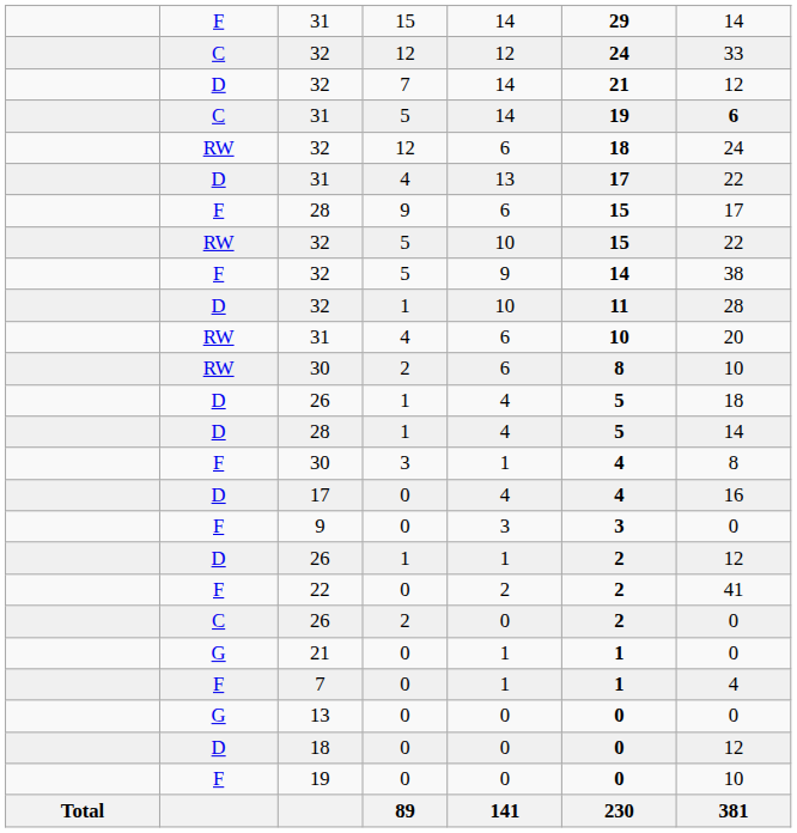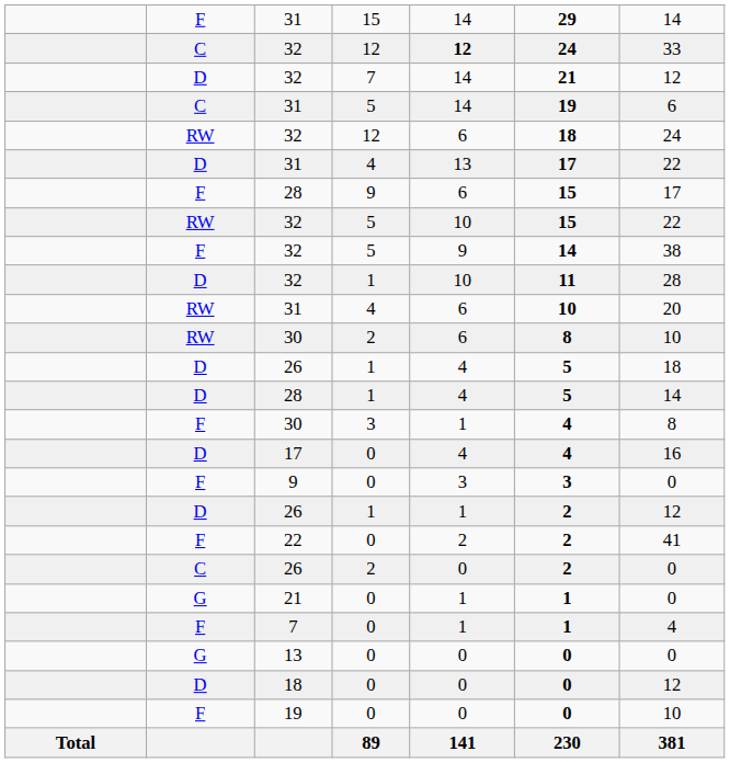 <table class="wikitable sortable" width=50%>
 <tr align="center">
 </tr>
 <tr align="center" bgcolor="">
 <td></td>
 <td><a href='#'>F</a></td>
 <td>31</td>
 <td>15</td>
 <td>14</td>
 <td><strong>29</strong></td>
 <td>14</td>
 </tr>
 <tr align="center" bgcolor="f0f0f0">
 <td></td>
 <td><a href='#'>C</a></td>
 <td>32</td>
 <td>12</td>
-<td>12</td>
+<td><strong>12</strong></td>
 <td><strong>24</strong></td>
 <td>33</td>
 </tr>
 <tr align="center" bgcolor="">
 <td></td>
 <td><a href='#'>D</a></td>
 <td>32</td>
 <td>7</td>
 <td>14</td>
 <td><strong>21</strong></td>
 <td>12</td>
 </tr>
 <tr align="center" bgcolor="f0f0f0">
 <td></td>
 <td><a href='#'>C</a></td>
 <td>31</td>
 <td>5</td>
 <td>14</td>
 <td><strong>19</strong></td>
-<td><strong>6</strong></td>
+<td>6</td>
 </tr>
 <tr align="center" bgcolor="">
 <td></td>
 <td><a href='#'>RW</a></td>
 <td>32</td>
 <td>12</td>
 <td>6</td>
 <td><strong>18</strong></td>
 <td>24</td>
 </tr>
 <tr align="center" bgcolor="f0f0f0">
 <td></td>
 <td><a href='#'>D</a></td>
 <td>31</td>
 <td>4</td>
 <td>13</td>
 <td><strong>17</strong></td>
 <td>22</td>
 </tr>
 <tr align="center" bgcolor="">
 <td></td>
 <td><a href='#'>F</a></td>
 <td>28</td>
 <td>9</td>
 <td>6</td>
 <td><strong>15</strong></td>
 <td>17</td>
 </tr>
 <tr align="center" bgcolor="f0f0f0">
 <td></td>
 <td><a href='#'>RW</a></td>
 <td>32</td>
 <td>5</td>
 <td>10</td>
 <td><strong>15</strong></td>
 <td>22</td>
 </tr>
 <tr align="center" bgcolor="">
 <td></td>
 <td><a href='#'>F</a></td>
 <td>32</td>
 <td>5</td>
 <td>9</td>
 <td><strong>14</strong></td>
 <td>38</td>
 </tr>
 <tr align="center" bgcolor="f0f0f0">
 <td></td>
 <td><a href='#'>D</a></td>
 <td>32</td>
 <td>1</td>
 <td>10</td>
 <td><strong>11</strong></td>
 <td>28</td>
 </tr>
 <tr align="center" bgcolor="">
 <td></td>
 <td><a href='#'>RW</a></td>
 <td>31</td>
 <td>4</td>
 <td>6</td>
 <td><strong>10</strong></td>
 <td>20</td>
 </tr>
 <tr align="center" bgcolor="f0f0f0">
 <td></td>
 <td><a href='#'>RW</a></td>
 <td>30</td>
 <td>2</td>
 <td>6</td>
 <td><strong>8</strong></td>
 <td>10</td>
 </tr>
 <tr align="center" bgcolor="">
 <td></td>
 <td><a href='#'>D</a></td>
 <td>26</td>
 <td>1</td>
 <td>4</td>
 <td><strong>5</strong></td>
 <td>18</td>
 </tr>
 <tr align="center" bgcolor="f0f0f0">
 <td></td>
 <td><a href='#'>D</a></td>
 <td>28</td>
 <td>1</td>
 <td>4</td>
 <td><strong>5</strong></td>
 <td>14</td>
 </tr>
 <tr align="center" bgcolor="">
 <td></td>
 <td><a href='#'>F</a></td>
 <td>30</td>
 <td>3</td>
 <td>1</td>
 <td><strong>4</strong></td>
 <td>8</td>
 </tr>
 <tr align="center" bgcolor="f0f0f0">
 <td></td>
 <td><a href='#'>D</a></td>
 <td>17</td>
 <td>0</td>
 <td>4</td>
 <td><strong>4</strong></td>
 <td>16</td>
 </tr>
 <tr align="center" bgcolor="">
 <td></td>
 <td><a href='#'>F</a></td>
 <td>9</td>
 <td>0</td>
 <td>3</td>
 <td><strong>3</strong></td>
 <td>0</td>
 </tr>
 <tr align="center" bgcolor="f0f0f0">
 <td></td>
 <td><a href='#'>D</a></td>
 <td>26</td>
 <td>1</td>
 <td>1</td>
 <td><strong>2</strong></td>
 <td>12</td>
 </tr>
 <tr align="center" bgcolor="">
 <td></td>
 <td><a href='#'>F</a></td>
 <td>22</td>
 <td>0</td>
 <td>2</td>
 <td><strong>2</strong></td>
 <td>41</td>
 </tr>
 <tr align="center" bgcolor="f0f0f0">
 <td></td>
 <td><a href='#'>C</a></td>
 <td>26</td>
 <td>2</td>
 <td>0</td>
 <td><strong>2</strong></td>
 <td>0</td>
 </tr>
 <tr align="center" bgcolor="">
 <td></td>
 <td><a href='#'>G</a></td>
 <td>21</td>
 <td>0</td>
 <td>1</td>
 <td><strong>1</strong></td>
 <td>0</td>
 </tr>
 <tr align="center" bgcolor="f0f0f0">
 <td></td>
 <td><a href='#'>F</a></td>
 <td>7</td>
 <td>0</td>
 <td>1</td>
 <td><strong>1</strong></td>
 <td>4</td>
 </tr>
 <tr align="center" bgcolor="">
 <td></td>
 <td><a href='#'>G</a></td>
 <td>13</td>
 <td>0</td>
 <td>0</td>
 <td><strong>0</strong></td>
 <td>0</td>
 </tr>
 <tr align="center" bgcolor="f0f0f0">
 <td></td>
 <td><a href='#'>D</a></td>
 <td>18</td>
 <td>0</td>
 <td>0</td>
 <td><strong>0</strong></td>
 <td>12</td>
 </tr>
 <tr align="center" bgcolor="">
 <td></td>
 <td><a href='#'>F</a></td>
 <td>19</td>
 <td>0</td>
 <td>0</td>
 <td><strong>0</strong></td>
 <td>10</td>
 </tr>
 <tr>
 <th>Total</th>
 <th></th>
 <th></th>
 <th>89</th>
 <th>141</th>
 <th>230</th>
 <th>381</th>
 </tr>
 </table>
